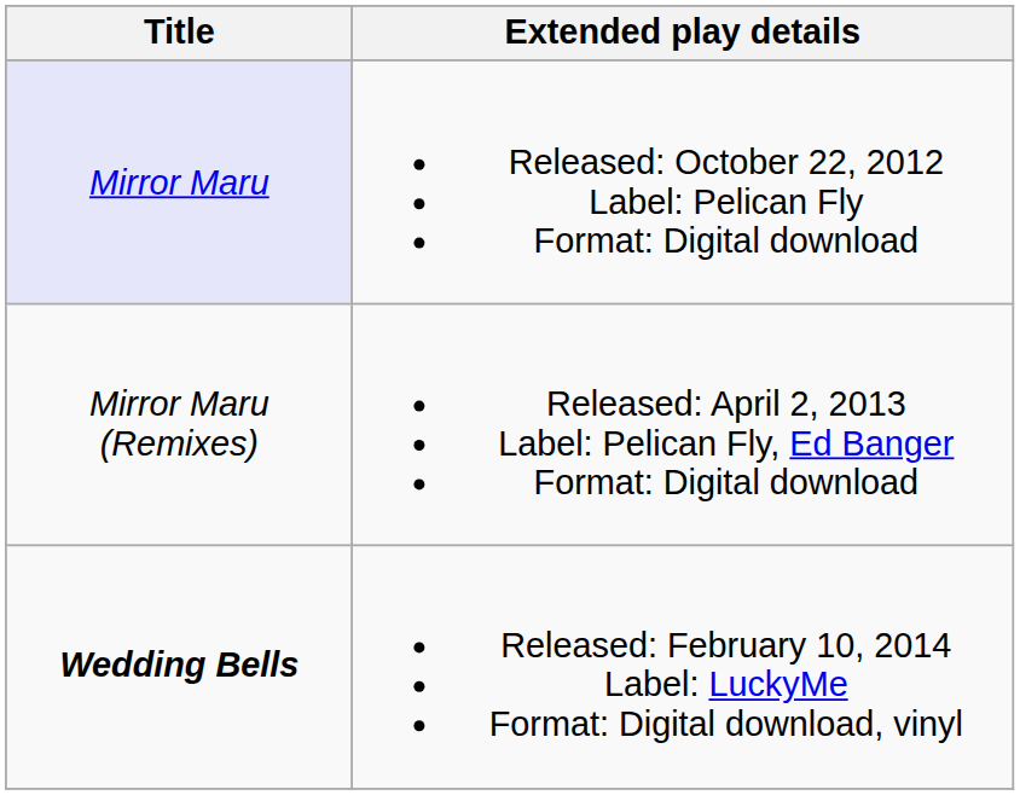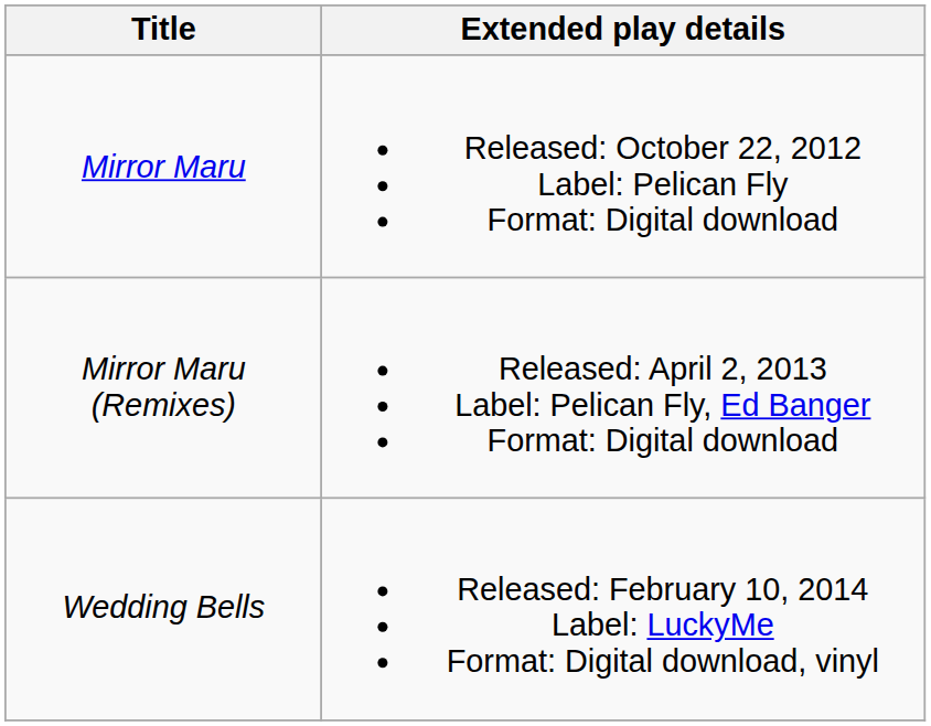 <table class="wikitable plainrowheaders" style="text-align:center;">
 <tr>
 <th scope="col" style="width:9.5em;">Title</th>
 <th scope="col" style="width:18.5em;">Extended play details</th>
 </tr>
 <tr>
-<td scope="row" style="background: lavender;"><em><a href='#'>Mirror Maru</a></em></td>
+<td scope="row"><em><a href='#'>Mirror Maru</a></em></td>
 <td><br><ul><li>Released: October 22, 2012</li><li>Label: Pelican Fly</li><li>Format: Digital download</li></ul></td>
 </tr>
 <tr>
 <td scope="row"><em>Mirror Maru (Remixes)</em></td>
 <td><br><ul><li>Released: April 2, 2013</li><li>Label: Pelican Fly, <a href='#'>Ed Banger</a></li><li>Format: Digital download</li></ul></td>
 </tr>
 <tr>
-<td scope="row"><strong><em>Wedding Bells</em></strong></td>
+<td scope="row"><em>Wedding Bells</em></td>
 <td><br><ul><li>Released: February 10, 2014</li><li>Label: <a href='#'>LuckyMe</a></li><li>Format: Digital download, vinyl</li></ul></td>
 </tr>
 </table>
